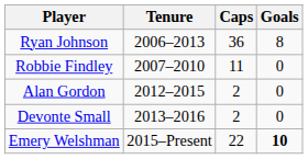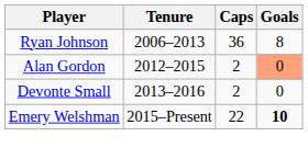 <table class="wikitable" style="text-align: center;">
 <tr>
 <th width=px>Player</th>
 <th width=px>Tenure</th>
 <th width=px>Caps</th>
 <th width=px>Goals</th>
 </tr>
 <tr>
 <td> <a href='#'>Ryan Johnson</a></td>
 <td>2006–2013</td>
 <td>36</td>
 <td>8</td>
 </tr>
 <tr>
-<td> <a href='#'>Robbie Findley</a></td>
-<td>2007–2010</td>
-<td>11</td>
-<td>0</td>
-</tr>
-<tr>
 <td> <a href='#'>Alan Gordon</a></td>
 <td>2012–2015</td>
 <td>2</td>
-<td>0</td>
+<td style="background: lightsalmon;">0</td>
 </tr>
 <tr>
 <td> <a href='#'>Devonte Small</a></td>
 <td>2013–2016</td>
 <td>2</td>
 <td>0</td>
 </tr>
 <tr>
 <td> <a href='#'>Emery Welshman</a></td>
 <td>2015–Present</td>
 <td>22</td>
 <td><strong>10</strong></td>
 </tr>
 </table>
